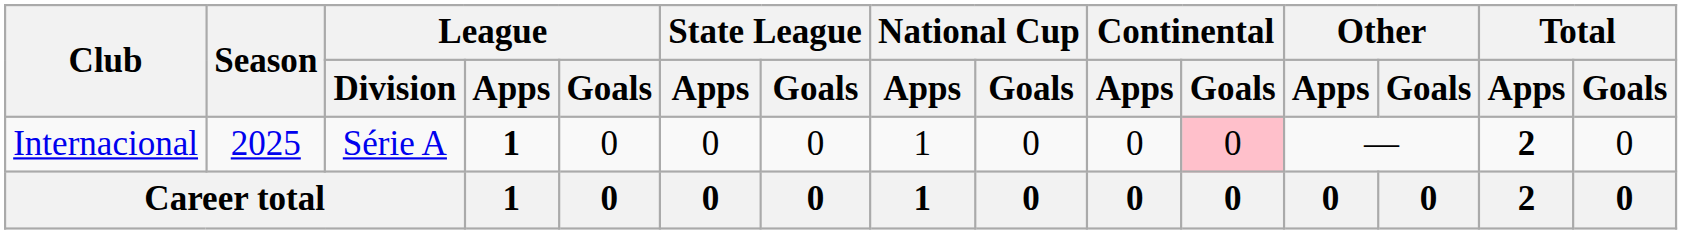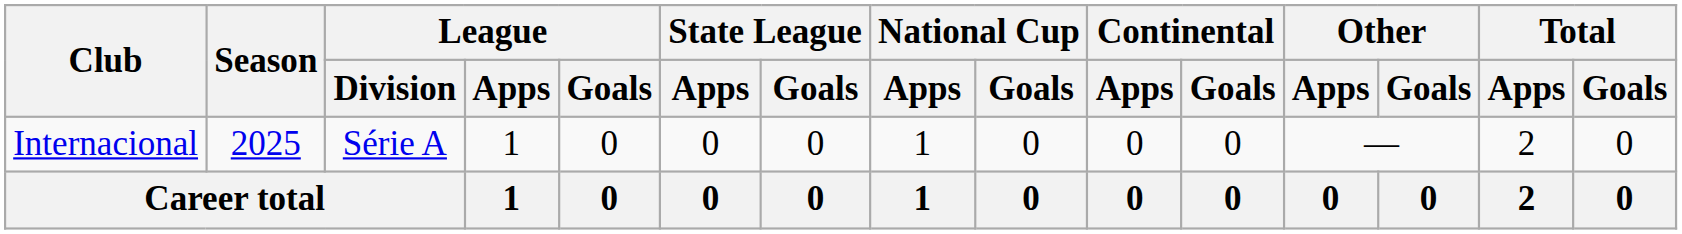 <table class="wikitable" style="text-align:center">
 <tr>
 <th rowspan="2">Club</th>
 <th rowspan="2">Season</th>
 <th colspan="3">League</th>
 <th colspan="2">State League</th>
 <th colspan="2">National Cup</th>
 <th colspan="2">Continental</th>
 <th colspan="2">Other</th>
 <th colspan="2">Total</th>
 </tr>
 <tr>
 <th>Division</th>
 <th>Apps</th>
 <th>Goals</th>
 <th>Apps</th>
 <th>Goals</th>
 <th>Apps</th>
 <th>Goals</th>
 <th>Apps</th>
 <th>Goals</th>
 <th>Apps</th>
 <th>Goals</th>
 <th>Apps</th>
 <th>Goals</th>
 </tr>
 <tr>
 <td><a href='#'>Internacional</a></td>
 <td><a href='#'>2025</a></td>
 <td><a href='#'>Série A</a></td>
-<td><strong>1</strong></td>
+<td>1</td>
 <td>0</td>
 <td>0</td>
 <td>0</td>
 <td>1</td>
 <td>0</td>
 <td>0</td>
-<td style="background: pink;">0</td>
+<td>0</td>
 <td colspan="2">—</td>
-<td><strong>2</strong></td>
+<td>2</td>
 <td>0</td>
 </tr>
 <tr>
 <th colspan="3">Career total</th>
 <th>1</th>
 <th>0</th>
 <th>0</th>
 <th>0</th>
 <th>1</th>
 <th>0</th>
 <th>0</th>
 <th>0</th>
 <th>0</th>
 <th>0</th>
 <th>2</th>
 <th>0</th>
 </tr>
 </table>
